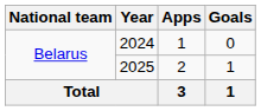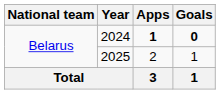 <table class=wikitable style=text-align:center>
 <tr>
 <th>National team</th>
 <th>Year</th>
 <th>Apps</th>
 <th>Goals</th>
 </tr>
 <tr>
 <td rowspan="2"><a href='#'>Belarus</a></td>
 <td>2024</td>
-<td>1</td>
-<td>0</td>
+<td><strong>1</strong></td>
+<td><strong>0</strong></td>
 </tr>
 <tr>
 <td>2025</td>
 <td>2</td>
 <td>1</td>
 </tr>
 <tr>
 <th colspan="2">Total</th>
 <th>3</th>
 <th>1</th>
 </tr>
 </table>
